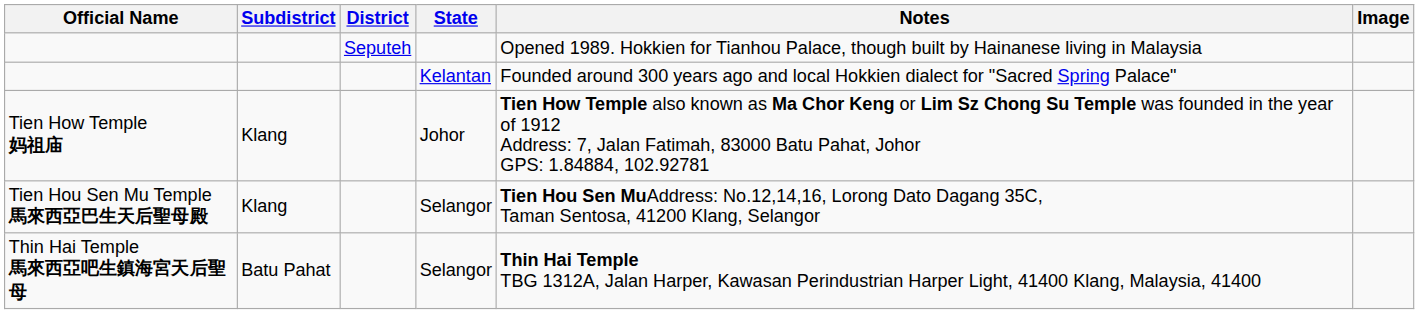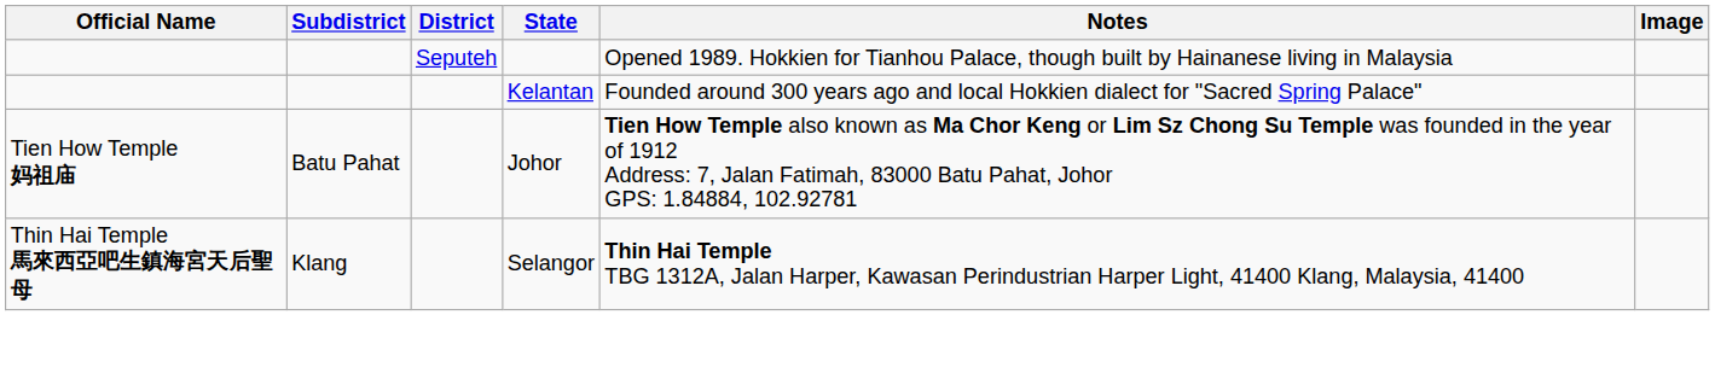 <table class="wikitable sortable">
 <tr>
 <th>Official Name</th>
 <th><a href='#'>Subdistrict</a></th>
 <th><a href='#'>District</a></th>
 <th><a href='#'>State</a></th>
 <th>Notes</th>
 <th>Image</th>
 </tr>
 <tr>
 <td></td>
 <td></td>
 <td><a href='#'>Seputeh</a></td>
 <td></td>
 <td>Opened 1989. Hokkien for Tianhou Palace, though built by Hainanese living in Malaysia</td>
 <td></td>
 </tr>
 <tr>
 <td></td>
 <td></td>
 <td></td>
 <td><a href='#'>Kelantan</a></td>
 <td>Founded around 300 years ago and local Hokkien dialect for "Sacred <a href='#'>Spring</a> Palace"</td>
 <td></td>
 </tr>
 <tr>
 <td>Tien How Temple<br><strong>妈祖庙</strong></td>
-<td>Klang</td>
+<td>Batu Pahat</td>
 <td></td>
 <td>Johor</td>
 <td><strong>Tien How Temple</strong> also known as <strong>Ma Chor Keng</strong> or <strong>Lim Sz Chong Su Temple</strong> was founded in the year of 1912<br>Address: 7, Jalan Fatimah, 83000 Batu Pahat, Johor<br>GPS: 1.84884, 102.92781</td>
 <td></td>
 </tr>
 <tr>
-<td>Tien Hou Sen Mu Temple<br><strong>馬來西亞巴生天后聖母殿</strong></td>
+<td>Thin Hai Temple<br><strong>馬來西亞吧生鎮海宮天后聖母</strong></td>
 <td>Klang</td>
-<td></td>
-<td>Selangor</td>
-<td><strong>Tien Hou Sen Mu</strong>Address: No.12,14,16, Lorong Dato Dagang 35C,<br>Taman Sentosa, 41200 Klang, Selangor</td>
-<td></td>
-</tr>
-<tr>
-<td>Thin Hai Temple<br><strong>馬來西亞吧生鎮海宮天后聖母</strong></td>
-<td>Batu Pahat</td>
 <td></td>
 <td>Selangor</td>
 <td><strong>Thin Hai Temple</strong><br>TBG 1312A, Jalan Harper, Kawasan Perindustrian Harper Light, 41400 Klang, Malaysia, 41400</td>
 </tr>
 </table>
